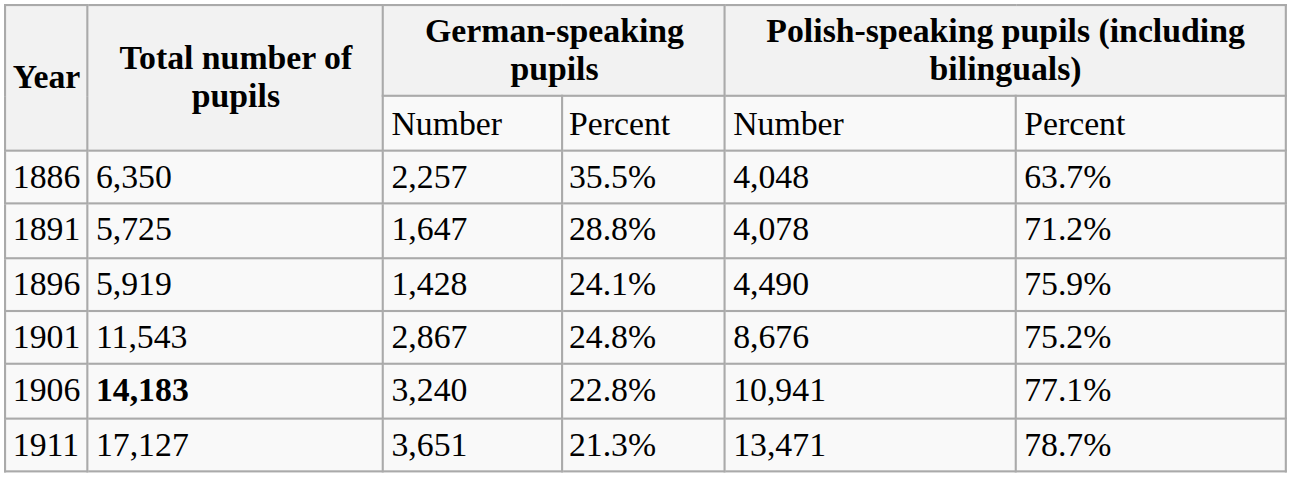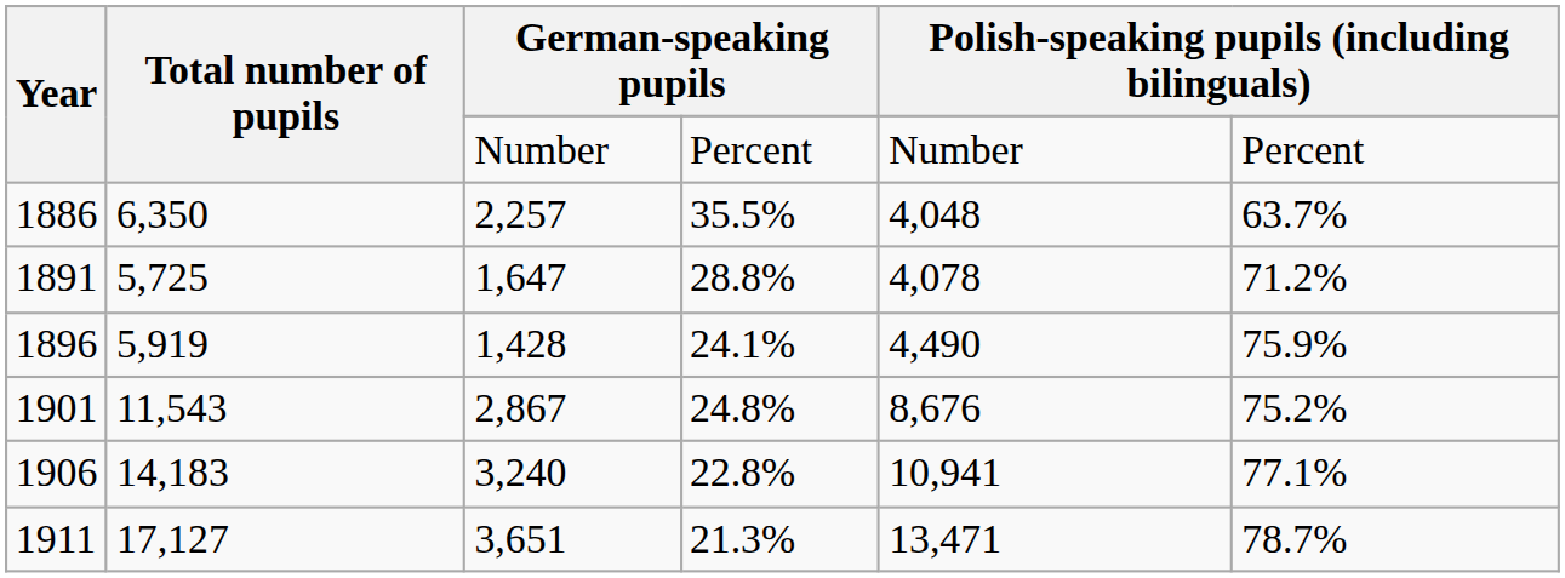 <table class="wikitable">
 <tr>
 <th rowspan="2">Year</th>
 <th rowspan="2">Total number of pupils</th>
 <th colspan="2">German-speaking pupils</th>
 <th colspan="2">Polish-speaking pupils (including bilinguals)</th>
 </tr>
 <tr>
 <td>Number</td>
 <td>Percent</td>
 <td>Number</td>
 <td>Percent</td>
 </tr>
 <tr>
 <td>1886</td>
 <td>6,350</td>
 <td>2,257</td>
 <td>35.5%</td>
 <td>4,048</td>
 <td>63.7%</td>
 </tr>
 <tr>
 <td>1891</td>
 <td>5,725</td>
 <td>1,647</td>
 <td>28.8%</td>
 <td>4,078</td>
 <td>71.2%</td>
 </tr>
 <tr>
 <td>1896</td>
 <td>5,919</td>
 <td>1,428</td>
 <td>24.1%</td>
 <td>4,490</td>
 <td>75.9%</td>
 </tr>
 <tr>
 <td>1901</td>
 <td>11,543</td>
 <td>2,867</td>
 <td>24.8%</td>
 <td>8,676</td>
 <td>75.2%</td>
 </tr>
 <tr>
 <td>1906</td>
-<td><strong>14,183</strong></td>
+<td>14,183</td>
 <td>3,240</td>
 <td>22.8%</td>
 <td>10,941</td>
 <td>77.1%</td>
 </tr>
 <tr>
 <td>1911</td>
 <td>17,127</td>
 <td>3,651</td>
 <td>21.3%</td>
 <td>13,471</td>
 <td>78.7%</td>
 </tr>
 </table>
